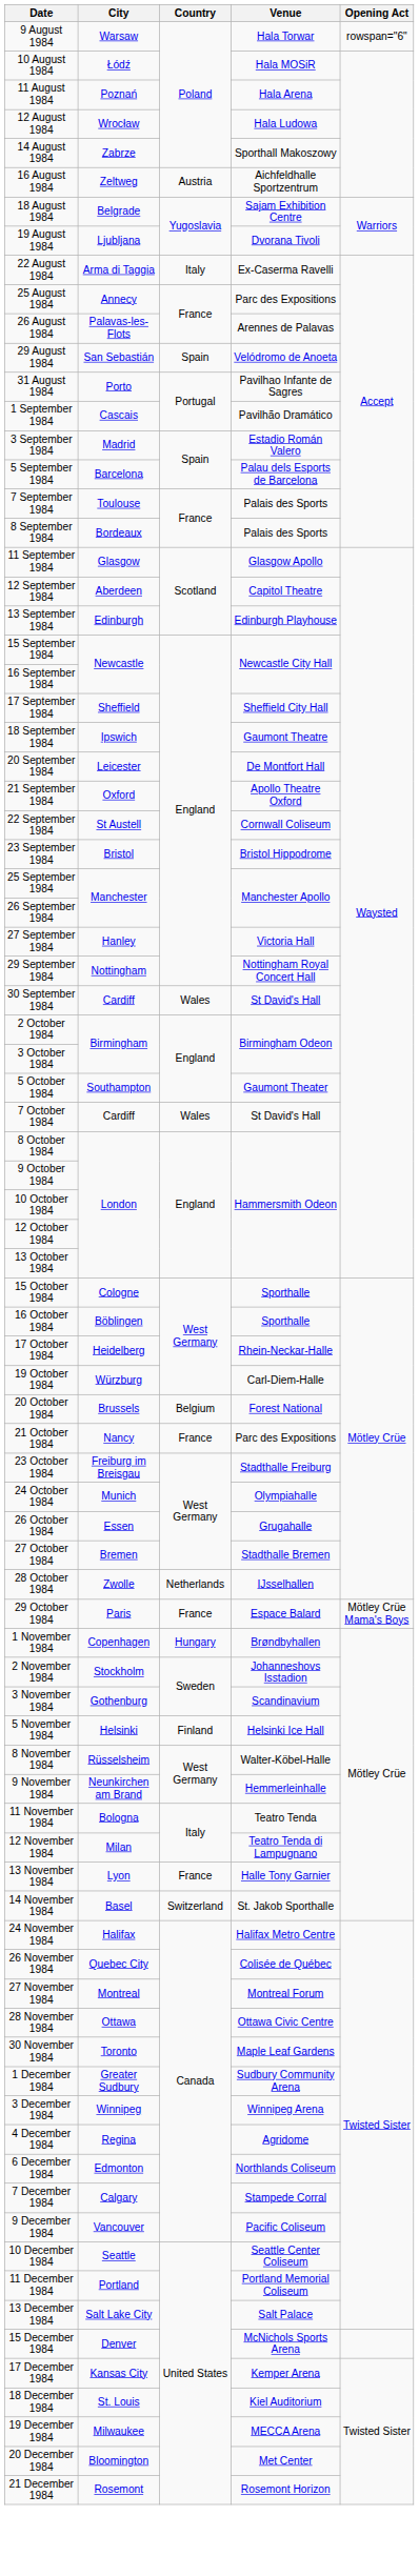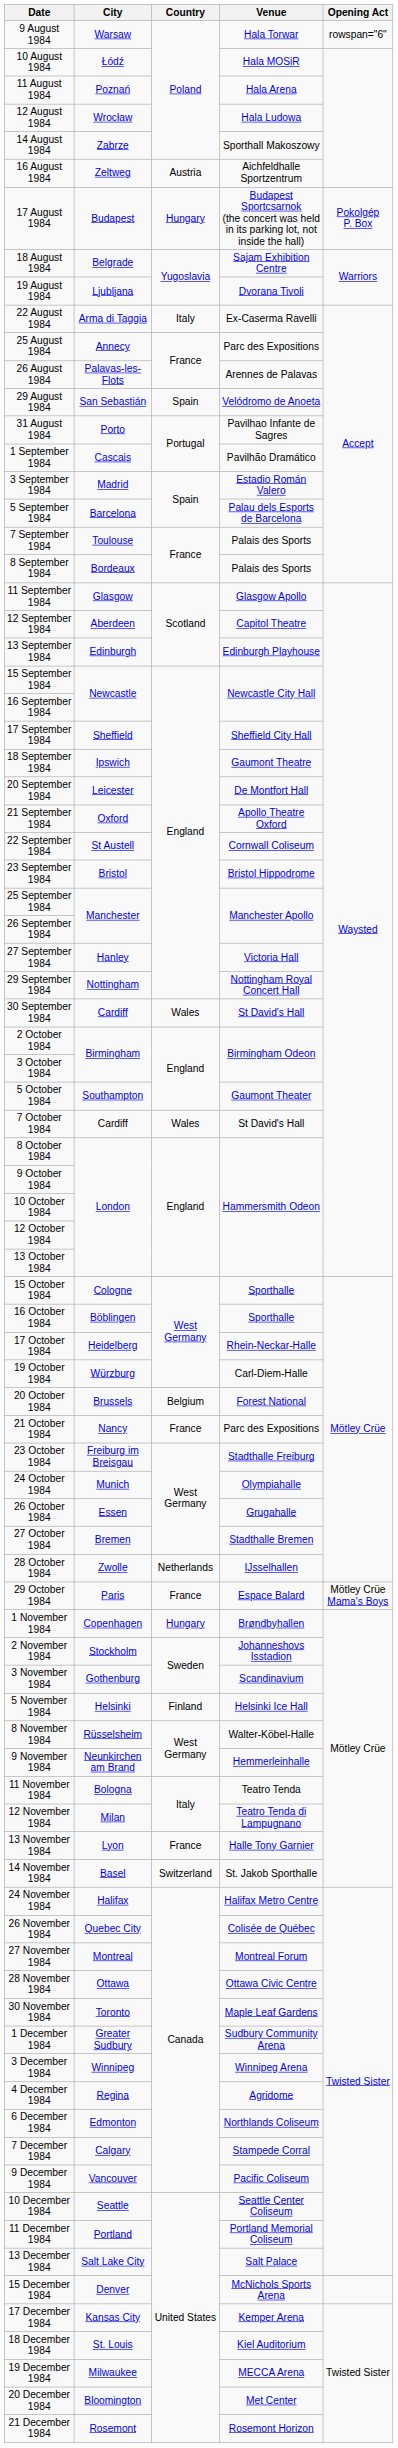 <table class="wikitable" style="text-align:center;">
 <tr>
 <th width="150">Date</th>
 <th width="150">City</th>
 <th width="125">Country</th>
 <th width="225">Venue</th>
 <th width="125">Opening Act</th>
 </tr>
 <tr>
 <td>9 August 1984</td>
 <td><a href='#'>Warsaw</a></td>
 <td rowspan="5"><a href='#'>Poland</a></td>
 <td><a href='#'>Hala Torwar</a></td>
 <td>rowspan="6" </td>
 </tr>
 <tr>
 <td>10 August 1984</td>
 <td><a href='#'>Łódź</a></td>
 <td><a href='#'>Hala MOSiR</a></td>
 </tr>
 <tr>
 <td>11 August 1984</td>
 <td><a href='#'>Poznań</a></td>
 <td><a href='#'>Hala Arena</a></td>
 </tr>
 <tr>
 <td>12 August 1984</td>
 <td><a href='#'>Wrocław</a></td>
 <td><a href='#'>Hala Ludowa</a></td>
 </tr>
 <tr>
 <td>14 August 1984</td>
 <td><a href='#'>Zabrze</a></td>
 <td>Sporthall Makoszowy</td>
 </tr>
 <tr>
 <td>16 August 1984</td>
 <td><a href='#'>Zeltweg</a></td>
 <td>Austria</td>
 <td>Aichfeldhalle Sportzentrum</td>
+</tr>
+<tr>
+<td>17 August 1984</td>
+<td><a href='#'>Budapest</a></td>
+<td><a href='#'>Hungary</a></td>
+<td><a href='#'>Budapest Sportcsarnok</a><br>(the concert was held in its parking lot, not inside the hall)</td>
+<td><a href='#'>Pokolgép</a><br><a href='#'>P. Box</a></td>
 </tr>
 <tr>
 <td>18 August 1984</td>
 <td><a href='#'>Belgrade</a></td>
 <td rowspan="2"><a href='#'>Yugoslavia</a></td>
 <td><a href='#'>Sajam Exhibition Centre</a></td>
 <td rowspan="2"><a href='#'>Warriors</a></td>
 </tr>
 <tr>
 <td>19 August 1984</td>
 <td><a href='#'>Ljubljana</a></td>
 <td><a href='#'>Dvorana Tivoli</a></td>
 </tr>
 <tr>
 <td>22 August 1984</td>
 <td><a href='#'>Arma di Taggia</a></td>
 <td>Italy</td>
 <td>Ex-Caserma Ravelli</td>
 <td rowspan="10"><a href='#'>Accept</a></td>
 </tr>
 <tr>
 <td>25 August 1984</td>
 <td><a href='#'>Annecy</a></td>
 <td rowspan="2">France</td>
 <td>Parc des Expositions</td>
 </tr>
 <tr>
 <td>26 August 1984</td>
 <td><a href='#'>Palavas-les-Flots</a></td>
 <td>Arennes de Palavas</td>
 </tr>
 <tr>
 <td>29 August 1984</td>
 <td><a href='#'>San Sebastián</a></td>
 <td>Spain</td>
 <td><a href='#'>Velódromo de Anoeta</a></td>
 </tr>
 <tr>
 <td>31 August 1984</td>
 <td><a href='#'>Porto</a></td>
 <td rowspan="2">Portugal</td>
 <td>Pavilhao Infante de Sagres</td>
 </tr>
 <tr>
 <td>1 September 1984</td>
 <td><a href='#'>Cascais</a></td>
 <td>Pavilhão Dramático</td>
 </tr>
 <tr>
 <td>3 September 1984</td>
 <td><a href='#'>Madrid</a></td>
 <td rowspan="2">Spain</td>
 <td><a href='#'>Estadio Román Valero</a></td>
 </tr>
 <tr>
 <td>5 September 1984</td>
 <td><a href='#'>Barcelona</a></td>
 <td><a href='#'>Palau dels Esports de Barcelona</a></td>
 </tr>
 <tr>
 <td>7 September 1984</td>
 <td><a href='#'>Toulouse</a></td>
 <td rowspan="2">France</td>
 <td>Palais des Sports</td>
 </tr>
 <tr>
 <td>8 September 1984</td>
 <td><a href='#'>Bordeaux</a></td>
 <td>Palais des Sports</td>
 </tr>
 <tr>
 <td>11 September 1984</td>
 <td><a href='#'>Glasgow</a></td>
 <td rowspan="3">Scotland</td>
 <td><a href='#'>Glasgow Apollo</a></td>
 <td rowspan="25"><a href='#'>Waysted</a></td>
 </tr>
 <tr>
 <td>12 September 1984</td>
 <td><a href='#'>Aberdeen</a></td>
 <td><a href='#'>Capitol Theatre</a></td>
 </tr>
 <tr>
 <td>13 September 1984</td>
 <td><a href='#'>Edinburgh</a></td>
 <td><a href='#'>Edinburgh Playhouse</a></td>
 </tr>
 <tr>
 <td>15 September 1984</td>
 <td rowspan="2"><a href='#'>Newcastle</a></td>
 <td rowspan="12">England</td>
 <td rowspan="2"><a href='#'>Newcastle City Hall</a></td>
 </tr>
 <tr>
 <td>16 September 1984</td>
 </tr>
 <tr>
 <td>17 September 1984</td>
 <td><a href='#'>Sheffield</a></td>
 <td><a href='#'>Sheffield City Hall</a></td>
 </tr>
 <tr>
 <td>18 September 1984</td>
 <td><a href='#'>Ipswich</a></td>
 <td><a href='#'>Gaumont Theatre</a></td>
 </tr>
 <tr>
 <td>20 September 1984</td>
 <td><a href='#'>Leicester</a></td>
 <td><a href='#'>De Montfort Hall</a></td>
 </tr>
 <tr>
 <td>21 September 1984</td>
 <td><a href='#'>Oxford</a></td>
 <td><a href='#'>Apollo Theatre Oxford</a></td>
 </tr>
 <tr>
 <td>22 September 1984</td>
 <td><a href='#'>St Austell</a></td>
 <td><a href='#'>Cornwall Coliseum</a></td>
 </tr>
 <tr>
 <td>23 September 1984</td>
 <td><a href='#'>Bristol</a></td>
 <td><a href='#'>Bristol Hippodrome</a></td>
 </tr>
 <tr>
 <td>25 September 1984</td>
 <td rowspan="2"><a href='#'>Manchester</a></td>
 <td rowspan="2"><a href='#'>Manchester Apollo</a></td>
 </tr>
 <tr>
 <td>26 September 1984</td>
 </tr>
 <tr>
 <td>27 September 1984</td>
 <td><a href='#'>Hanley</a></td>
 <td><a href='#'>Victoria Hall</a></td>
 </tr>
 <tr>
 <td>29 September 1984</td>
 <td><a href='#'>Nottingham</a></td>
 <td><a href='#'>Nottingham Royal Concert Hall</a></td>
 </tr>
 <tr>
 <td>30 September 1984</td>
 <td><a href='#'>Cardiff</a></td>
 <td>Wales</td>
 <td><a href='#'>St David's Hall</a></td>
 </tr>
 <tr>
 <td>2 October 1984</td>
 <td rowspan="2"><a href='#'>Birmingham</a></td>
 <td rowspan="3">England</td>
 <td rowspan="2"><a href='#'>Birmingham Odeon</a></td>
 </tr>
 <tr>
 <td>3 October 1984</td>
 </tr>
 <tr>
 <td>5 October 1984</td>
 <td><a href='#'>Southampton</a></td>
 <td><a href='#'>Gaumont Theater</a></td>
 </tr>
 <tr>
 <td>7 October 1984</td>
 <td>Cardiff</td>
 <td>Wales</td>
 <td>St David's Hall</td>
 </tr>
 <tr>
 <td>8 October 1984</td>
 <td rowspan="5"><a href='#'>London</a></td>
 <td rowspan="5">England</td>
 <td rowspan="5"><a href='#'>Hammersmith Odeon</a></td>
 </tr>
 <tr>
 <td>9 October 1984</td>
 </tr>
 <tr>
 <td>10 October 1984</td>
 </tr>
 <tr>
 <td>12 October 1984</td>
 </tr>
 <tr>
 <td>13 October 1984</td>
 </tr>
 <tr>
 <td>15 October 1984</td>
 <td><a href='#'>Cologne</a></td>
 <td rowspan="4"><a href='#'>West Germany</a></td>
 <td><a href='#'>Sporthalle</a></td>
 <td rowspan="11"><a href='#'>Mötley Crüe</a></td>
 </tr>
 <tr>
 <td>16 October 1984</td>
 <td><a href='#'>Böblingen</a></td>
 <td><a href='#'>Sporthalle</a></td>
 </tr>
 <tr>
 <td>17 October 1984</td>
 <td><a href='#'>Heidelberg</a></td>
 <td><a href='#'>Rhein-Neckar-Halle</a></td>
 </tr>
 <tr>
 <td>19 October 1984</td>
 <td><a href='#'>Würzburg</a></td>
 <td>Carl-Diem-Halle</td>
 </tr>
 <tr>
 <td>20 October 1984</td>
 <td><a href='#'>Brussels</a></td>
 <td>Belgium</td>
 <td><a href='#'>Forest National</a></td>
 </tr>
 <tr>
 <td>21 October 1984</td>
 <td><a href='#'>Nancy</a></td>
 <td>France</td>
 <td>Parc des Expositions</td>
 </tr>
 <tr>
 <td>23 October 1984</td>
 <td><a href='#'>Freiburg im Breisgau</a></td>
 <td rowspan="4">West Germany</td>
 <td><a href='#'>Stadthalle Freiburg</a></td>
 </tr>
 <tr>
 <td>24 October 1984</td>
 <td><a href='#'>Munich</a></td>
 <td><a href='#'>Olympiahalle</a></td>
 </tr>
 <tr>
 <td>26 October 1984</td>
 <td><a href='#'>Essen</a></td>
 <td><a href='#'>Grugahalle</a></td>
 </tr>
 <tr>
 <td>27 October 1984</td>
 <td><a href='#'>Bremen</a></td>
 <td><a href='#'>Stadthalle Bremen</a></td>
 </tr>
 <tr>
 <td>28 October 1984</td>
 <td><a href='#'>Zwolle</a></td>
 <td>Netherlands</td>
 <td><a href='#'>IJsselhallen</a></td>
 </tr>
 <tr>
 <td>29 October 1984</td>
 <td><a href='#'>Paris</a></td>
 <td>France</td>
 <td><a href='#'>Espace Balard</a></td>
 <td>Mötley Crüe<br><a href='#'>Mama's Boys</a></td>
 </tr>
 <tr>
 <td>1 November 1984</td>
 <td><a href='#'>Copenhagen</a></td>
 <td><a href='#'>Hungary</a></td>
 <td><a href='#'>Brøndbyhallen</a></td>
 <td rowspan="10">Mötley Crüe</td>
 </tr>
 <tr>
 <td>2 November 1984</td>
 <td><a href='#'>Stockholm</a></td>
 <td rowspan="2">Sweden</td>
 <td><a href='#'>Johanneshovs Isstadion</a></td>
 </tr>
 <tr>
 <td>3 November 1984</td>
 <td><a href='#'>Gothenburg</a></td>
 <td><a href='#'>Scandinavium</a></td>
 </tr>
 <tr>
 <td>5 November 1984</td>
 <td><a href='#'>Helsinki</a></td>
 <td>Finland</td>
 <td><a href='#'>Helsinki Ice Hall</a></td>
 </tr>
 <tr>
 <td>8 November 1984</td>
 <td><a href='#'>Rüsselsheim</a></td>
 <td rowspan="2">West Germany</td>
 <td>Walter-Köbel-Halle</td>
 </tr>
 <tr>
 <td>9 November 1984</td>
 <td><a href='#'>Neunkirchen am Brand</a></td>
 <td><a href='#'>Hemmerleinhalle</a></td>
 </tr>
 <tr>
 <td>11 November 1984</td>
 <td><a href='#'>Bologna</a></td>
 <td rowspan="2">Italy</td>
 <td>Teatro Tenda</td>
 </tr>
 <tr>
 <td>12 November 1984</td>
 <td><a href='#'>Milan</a></td>
 <td><a href='#'>Teatro Tenda di Lampugnano</a></td>
 </tr>
 <tr>
 <td>13 November 1984</td>
 <td><a href='#'>Lyon</a></td>
 <td>France</td>
 <td><a href='#'>Halle Tony Garnier</a></td>
 </tr>
 <tr>
 <td>14 November 1984</td>
 <td><a href='#'>Basel</a></td>
 <td>Switzerland</td>
 <td>St. Jakob Sporthalle</td>
 </tr>
 <tr>
 <td>24 November 1984</td>
 <td><a href='#'>Halifax</a></td>
 <td rowspan="11">Canada</td>
 <td><a href='#'>Halifax Metro Centre</a></td>
 <td rowspan="14"><a href='#'>Twisted Sister</a></td>
 </tr>
 <tr>
 <td>26 November 1984</td>
 <td><a href='#'>Quebec City</a></td>
 <td><a href='#'>Colisée de Québec</a></td>
 </tr>
 <tr>
 <td>27 November 1984</td>
 <td><a href='#'>Montreal</a></td>
 <td><a href='#'>Montreal Forum</a></td>
 </tr>
 <tr>
 <td>28 November 1984</td>
 <td><a href='#'>Ottawa</a></td>
 <td><a href='#'>Ottawa Civic Centre</a></td>
 </tr>
 <tr>
 <td>30 November 1984</td>
 <td><a href='#'>Toronto</a></td>
 <td><a href='#'>Maple Leaf Gardens</a></td>
 </tr>
 <tr>
 <td>1 December 1984</td>
 <td><a href='#'>Greater Sudbury</a></td>
 <td><a href='#'>Sudbury Community Arena</a></td>
 </tr>
 <tr>
 <td>3 December 1984</td>
 <td><a href='#'>Winnipeg</a></td>
 <td><a href='#'>Winnipeg Arena</a></td>
 </tr>
 <tr>
 <td>4 December 1984</td>
 <td><a href='#'>Regina</a></td>
 <td><a href='#'>Agridome</a></td>
 </tr>
 <tr>
 <td>6 December 1984</td>
 <td><a href='#'>Edmonton</a></td>
 <td><a href='#'>Northlands Coliseum</a></td>
 </tr>
 <tr>
 <td>7 December 1984</td>
 <td><a href='#'>Calgary</a></td>
 <td><a href='#'>Stampede Corral</a></td>
 </tr>
 <tr>
 <td>9 December 1984</td>
 <td><a href='#'>Vancouver</a></td>
 <td><a href='#'>Pacific Coliseum</a></td>
 </tr>
 <tr>
 <td>10 December 1984</td>
 <td><a href='#'>Seattle</a></td>
 <td rowspan="9">United States</td>
 <td><a href='#'>Seattle Center Coliseum</a></td>
 </tr>
 <tr>
 <td>11 December 1984</td>
 <td><a href='#'>Portland</a></td>
 <td><a href='#'>Portland Memorial Coliseum</a></td>
 </tr>
 <tr>
 <td>13 December 1984</td>
 <td><a href='#'>Salt Lake City</a></td>
 <td><a href='#'>Salt Palace</a></td>
 </tr>
 <tr>
 <td>15 December 1984</td>
 <td><a href='#'>Denver</a></td>
 <td><a href='#'>McNichols Sports Arena</a></td>
 <td></td>
 </tr>
 <tr>
 <td>17 December 1984</td>
 <td><a href='#'>Kansas City</a></td>
 <td><a href='#'>Kemper Arena</a></td>
 <td rowspan="5">Twisted Sister</td>
 </tr>
 <tr>
 <td>18 December 1984</td>
 <td><a href='#'>St. Louis</a></td>
 <td><a href='#'>Kiel Auditorium</a></td>
 </tr>
 <tr>
 <td>19 December 1984</td>
 <td><a href='#'>Milwaukee</a></td>
 <td><a href='#'>MECCA Arena</a></td>
 </tr>
 <tr>
 <td>20 December 1984</td>
 <td><a href='#'>Bloomington</a></td>
 <td><a href='#'>Met Center</a></td>
 </tr>
 <tr>
 <td>21 December 1984</td>
 <td><a href='#'>Rosemont</a></td>
 <td><a href='#'>Rosemont Horizon</a></td>
 </tr>
 </table>
